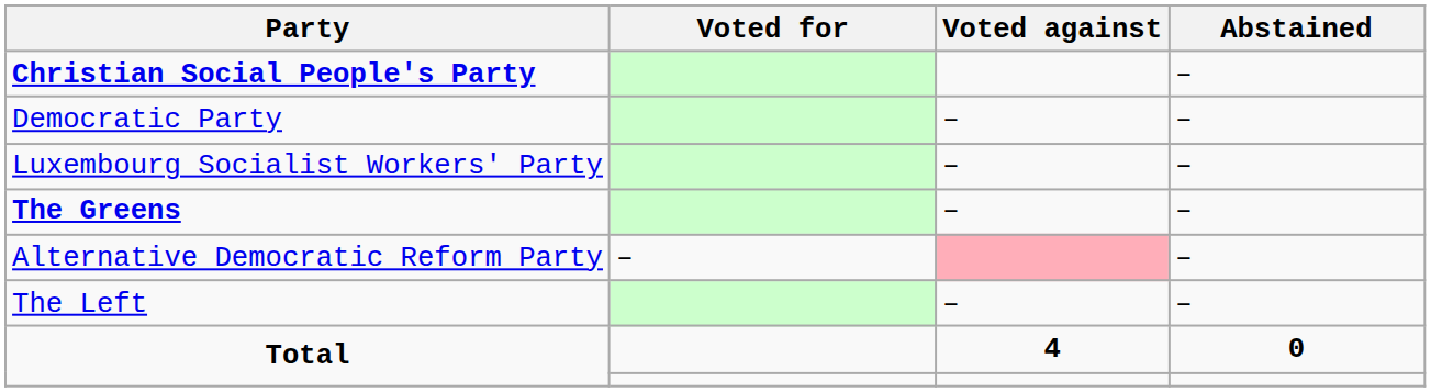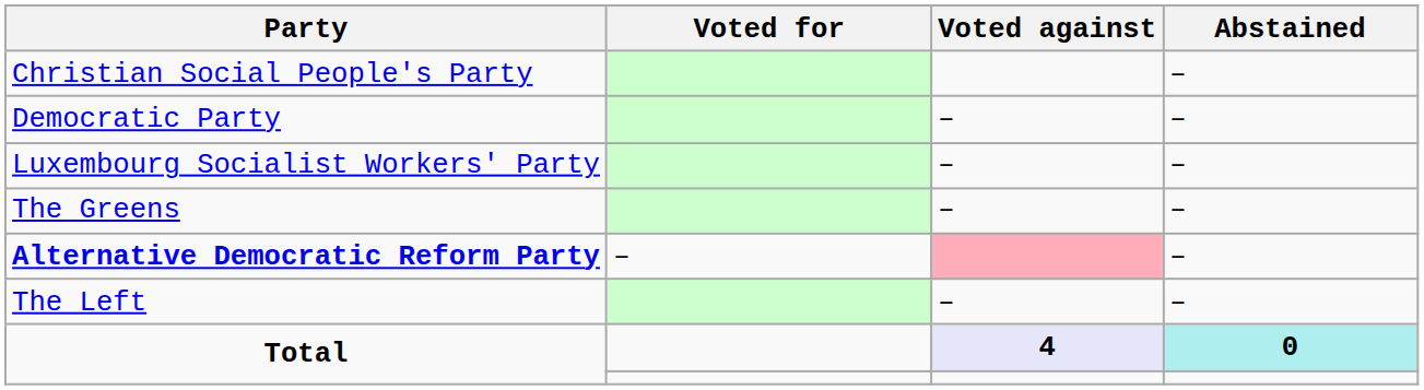 <table class="wikitable">
 <tr>
 <th>Party</th>
 <th style="width:23%;">Voted for</th>
 <th>Voted against</th>
 <th style="width:18%;">Abstained</th>
 </tr>
 <tr>
-<td><strong> <a href='#'>Christian Social People's Party</a></strong></td>
+<td> <a href='#'>Christian Social People's Party</a></td>
 <td style="background-color:#CCFFCC;"></td>
 <td></td>
 <td>–</td>
 </tr>
 <tr>
 <td> <a href='#'>Democratic Party</a></td>
 <td style="background-color:#CCFFCC;"></td>
 <td>–</td>
 <td>–</td>
 </tr>
 <tr>
 <td> <a href='#'>Luxembourg Socialist Workers' Party</a></td>
 <td style="background-color:#CCFFCC;"></td>
 <td>–</td>
 <td>–</td>
 </tr>
 <tr>
-<td><strong> <a href='#'>The Greens</a></strong></td>
+<td> <a href='#'>The Greens</a></td>
 <td style="background-color:#CCFFCC;"></td>
 <td>–</td>
 <td>–</td>
 </tr>
 <tr>
-<td> <a href='#'>Alternative Democratic Reform Party</a></td>
+<td><strong> <a href='#'>Alternative Democratic Reform Party</a></strong></td>
 <td>–</td>
 <td style="background-color:#FFAEB9;"></td>
 <td>–</td>
 </tr>
 <tr>
 <td> <a href='#'>The Left</a></td>
 <td style="background-color:#CCFFCC;"></td>
 <td>–</td>
 <td>–</td>
 </tr>
 <tr>
 <td style="text-align:center;" rowspan="2"><strong>Total</strong></td>
 <td></td>
-<td style="text-align:center;"><strong>4</strong></td>
-<td style="text-align:center;"><strong>0</strong></td>
+<td style="background: lavender; text-align:center;"><strong>4</strong></td>
+<td style="background: paleturquoise; text-align:center;"><strong>0</strong></td>
 </tr>
 <tr>
 <td style="text-align:center;"></td>
 <td style="text-align:center;"></td>
 <td style="text-align:center;"></td>
 </tr>
 </table>
